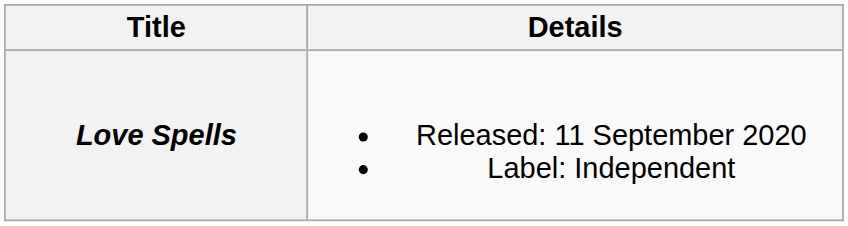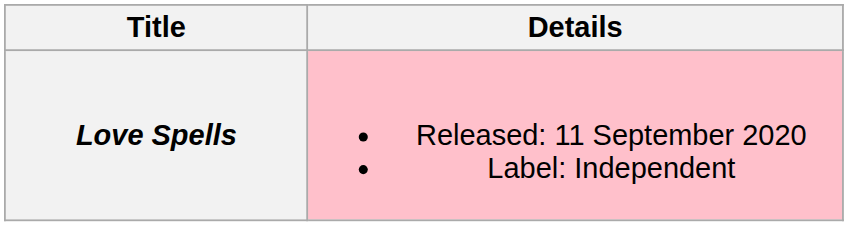 <table class="wikitable plainrowheaders" style="text-align:center;">
 <tr>
 <th scope="col" style="width:10em;">Title</th>
 <th scope="col" style="width:18em;">Details</th>
 </tr>
 <tr>
 <th scope="row"><em>Love Spells</em></th>
-<td><br><ul><li>Released: 11 September 2020</li><li>Label: Independent</li></ul></td>
+<td style="background: pink;"><br><ul><li>Released: 11 September 2020</li><li>Label: Independent</li></ul></td>
 </tr>
 </table>
